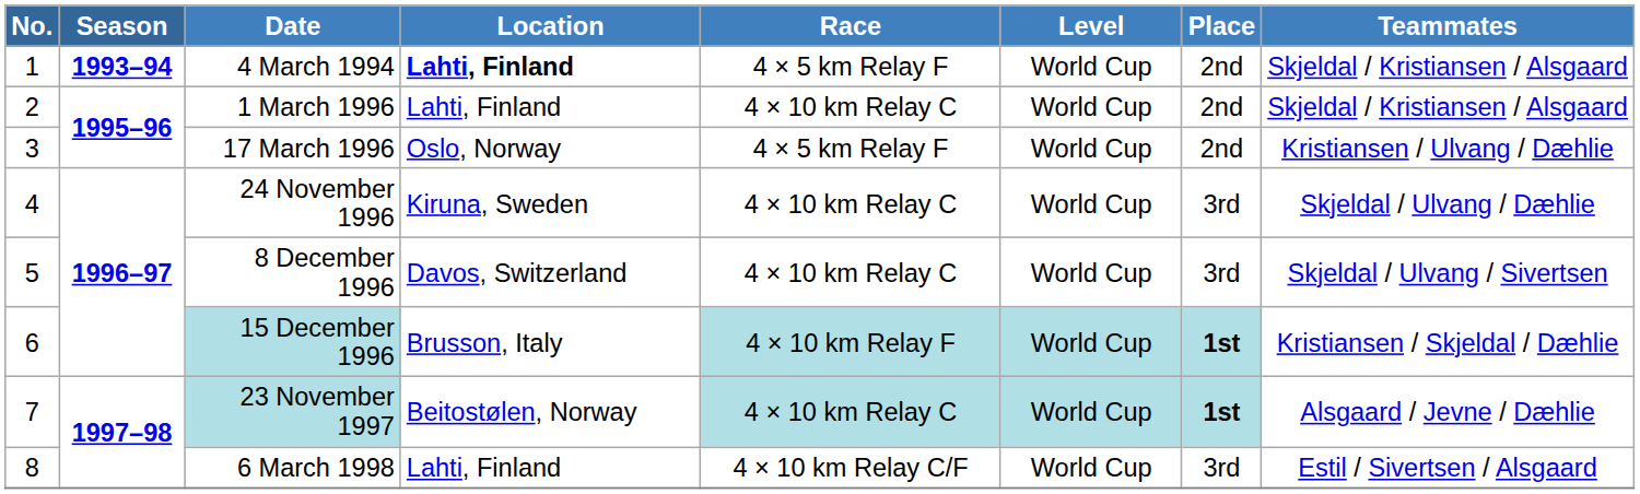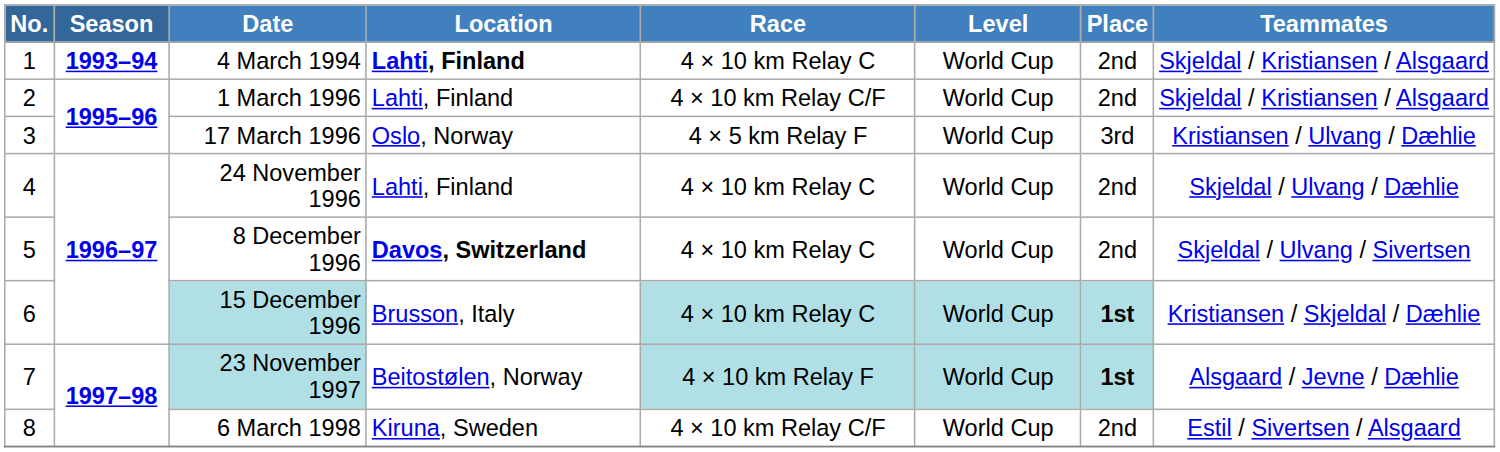 <table class="wikitable sortable" style="font-size:95%; text-align:center; border:grey solid 1px; border-collapse:collapse; background:#ffffff;">
 <tr style="background:#efefef;">
 <th style="background-color:#369; color:white;">No.</th>
 <th style="background-color:#369; color:white;">Season</th>
 <th style="background-color:#4180be; color:white; width:120px;">Date</th>
 <th style="background-color:#4180be; color:white; width:170px;">Location</th>
 <th style="background-color:#4180be; color:white; width:170px;">Race</th>
 <th style="background-color:#4180be; color:white; width:100px;">Level</th>
 <th style="background-color:#4180be; color:white;">Place</th>
 <th style="background-color:#4180be; color:white;">Teammates</th>
 </tr>
 <tr>
 <td align=center>1</td>
 <td rowspan=1 align=center><strong> <a href='#'>1993–94</a> </strong></td>
 <td align=right>4 March 1994</td>
 <td align=left><strong> <a href='#'>Lahti</a>, Finland</strong></td>
-<td>4 × 5 km Relay F</td>
+<td>4 × 10 km Relay C</td>
 <td>World Cup</td>
 <td>2nd</td>
 <td><a href='#'>Skjeldal</a> / <a href='#'>Kristiansen</a> / <a href='#'>Alsgaard</a></td>
 </tr>
 <tr>
 <td align=center>2</td>
 <td rowspan=2 align=center><strong> <a href='#'>1995–96</a> </strong></td>
 <td align=right>1 March 1996</td>
 <td align=left> <a href='#'>Lahti</a>, Finland</td>
-<td>4 × 10 km Relay C</td>
+<td>4 × 10 km Relay C/F</td>
 <td>World Cup</td>
 <td>2nd</td>
 <td><a href='#'>Skjeldal</a> / <a href='#'>Kristiansen</a> / <a href='#'>Alsgaard</a></td>
 </tr>
 <tr>
 <td align=center>3</td>
 <td align=right>17 March 1996</td>
 <td align=left> <a href='#'>Oslo</a>, Norway</td>
 <td>4 × 5 km Relay F</td>
 <td>World Cup</td>
-<td>2nd</td>
+<td>3rd</td>
 <td><a href='#'>Kristiansen</a> / <a href='#'>Ulvang</a> / <a href='#'>Dæhlie</a></td>
 </tr>
 <tr>
 <td align=center>4</td>
 <td rowspan=3 align=center><strong> <a href='#'>1996–97</a> </strong></td>
 <td align=right>24 November 1996</td>
-<td align=left> <a href='#'>Kiruna</a>, Sweden</td>
+<td align=left> <a href='#'>Lahti</a>, Finland</td>
 <td>4 × 10 km Relay C</td>
 <td>World Cup</td>
-<td>3rd</td>
+<td>2nd</td>
 <td><a href='#'>Skjeldal</a> / <a href='#'>Ulvang</a> / <a href='#'>Dæhlie</a></td>
 </tr>
 <tr>
 <td align=center>5</td>
 <td align=right>8 December 1996</td>
-<td align=left> <a href='#'>Davos</a>, Switzerland</td>
+<td align=left><strong> <a href='#'>Davos</a>, Switzerland</strong></td>
 <td>4 × 10 km Relay C</td>
 <td>World Cup</td>
-<td>3rd</td>
+<td>2nd</td>
 <td><a href='#'>Skjeldal</a> / <a href='#'>Ulvang</a> / <a href='#'>Sivertsen</a></td>
 </tr>
 <tr>
 <td align=center>6</td>
 <td bgcolor="#BOEOE6" align=right>15 December 1996</td>
 <td align=left> <a href='#'>Brusson</a>, Italy</td>
-<td bgcolor="#BOEOE6">4 × 10 km Relay F</td>
+<td bgcolor="#BOEOE6">4 × 10 km Relay C</td>
 <td bgcolor="#BOEOE6">World Cup</td>
 <td bgcolor="#BOEOE6"><strong>1st</strong></td>
 <td><a href='#'>Kristiansen</a> / <a href='#'>Skjeldal</a> / <a href='#'>Dæhlie</a></td>
 </tr>
 <tr>
 <td align=center>7</td>
 <td rowspan=2 align=center><strong><a href='#'>1997–98</a></strong></td>
 <td bgcolor="#BOEOE6" align=right>23 November 1997</td>
 <td align=left> <a href='#'>Beitostølen</a>, Norway</td>
-<td bgcolor="#BOEOE6">4 × 10 km Relay C</td>
+<td bgcolor="#BOEOE6">4 × 10 km Relay F</td>
 <td bgcolor="#BOEOE6">World Cup</td>
 <td bgcolor="#BOEOE6"><strong>1st</strong></td>
 <td><a href='#'>Alsgaard</a> / <a href='#'>Jevne</a> / <a href='#'>Dæhlie</a></td>
 </tr>
 <tr>
 <td align=center>8</td>
 <td align=right>6 March 1998</td>
-<td align=left> <a href='#'>Lahti</a>, Finland</td>
+<td align=left> <a href='#'>Kiruna</a>, Sweden</td>
 <td>4 × 10 km Relay C/F</td>
 <td>World Cup</td>
-<td>3rd</td>
+<td>2nd</td>
 <td><a href='#'>Estil</a> / <a href='#'>Sivertsen</a> / <a href='#'>Alsgaard</a></td>
 </tr>
 <tr>
 </tr>
 </table>
